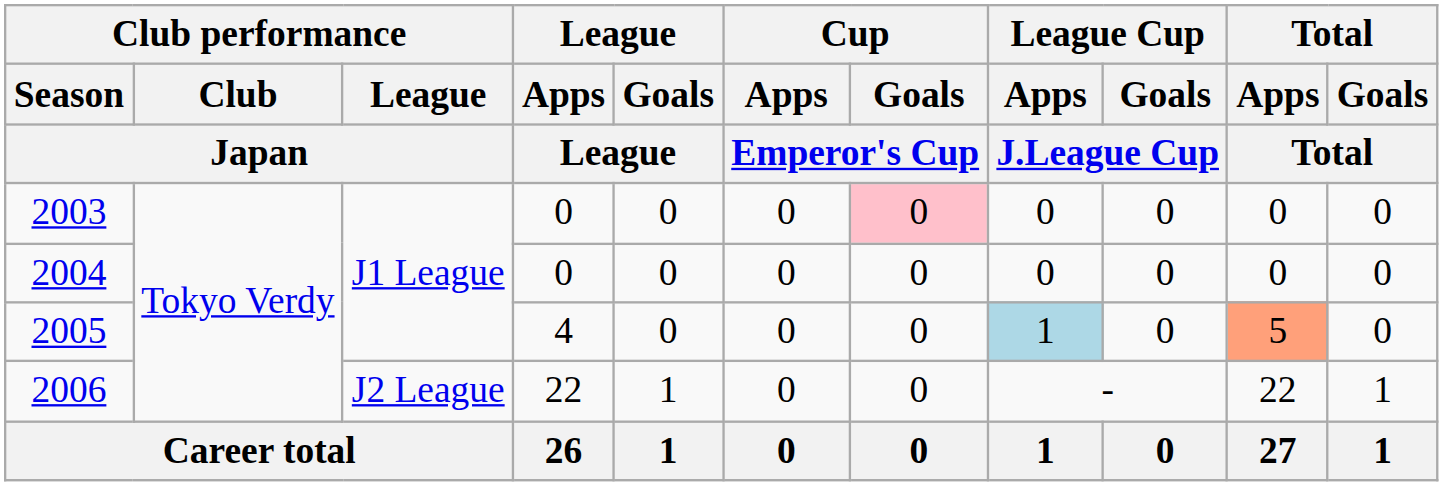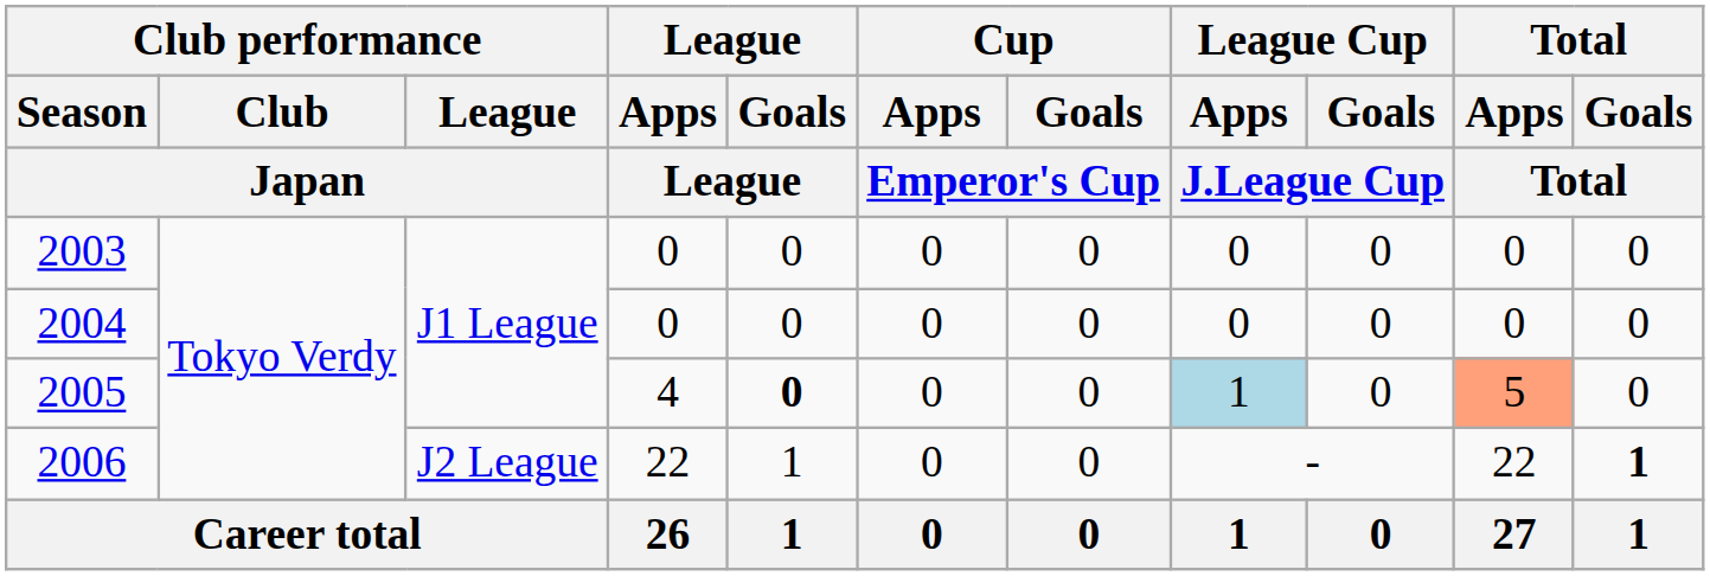 <table class="wikitable" style="text-align:center">
 <tr>
 <th colspan=3>Club performance</th>
 <th colspan=2>League</th>
 <th colspan=2>Cup</th>
 <th colspan=2>League Cup</th>
 <th colspan=2>Total</th>
 </tr>
 <tr>
 <th>Season</th>
 <th>Club</th>
 <th>League</th>
 <th>Apps</th>
 <th>Goals</th>
 <th>Apps</th>
 <th>Goals</th>
 <th>Apps</th>
 <th>Goals</th>
 <th>Apps</th>
 <th>Goals</th>
 </tr>
 <tr>
 <th colspan=3>Japan</th>
 <th colspan=2>League</th>
 <th colspan=2><a href='#'>Emperor's Cup</a></th>
 <th colspan=2><a href='#'>J.League Cup</a></th>
 <th colspan=2>Total</th>
 </tr>
 <tr>
 <td><a href='#'>2003</a></td>
 <td rowspan="4"><a href='#'>Tokyo Verdy</a></td>
 <td rowspan="3"><a href='#'>J1 League</a></td>
 <td>0</td>
 <td>0</td>
 <td>0</td>
-<td style="background: pink;">0</td>
+<td>0</td>
 <td>0</td>
 <td>0</td>
 <td>0</td>
 <td>0</td>
 </tr>
 <tr>
 <td><a href='#'>2004</a></td>
 <td>0</td>
 <td>0</td>
 <td>0</td>
 <td>0</td>
 <td>0</td>
 <td>0</td>
 <td>0</td>
 <td>0</td>
 </tr>
 <tr>
 <td><a href='#'>2005</a></td>
 <td>4</td>
-<td>0</td>
+<td><strong>0</strong></td>
 <td>0</td>
 <td>0</td>
 <td style="background: lightblue;">1</td>
 <td>0</td>
 <td style="background: lightsalmon;">5</td>
 <td>0</td>
 </tr>
 <tr>
 <td><a href='#'>2006</a></td>
 <td><a href='#'>J2 League</a></td>
 <td>22</td>
 <td>1</td>
 <td>0</td>
 <td>0</td>
 <td colspan="2">-</td>
 <td>22</td>
-<td>1</td>
+<td><strong>1</strong></td>
 </tr>
 <tr>
 <th colspan=3>Career total</th>
 <th>26</th>
 <th>1</th>
 <th>0</th>
 <th>0</th>
 <th>1</th>
 <th>0</th>
 <th>27</th>
 <th>1</th>
 </tr>
 </table>
